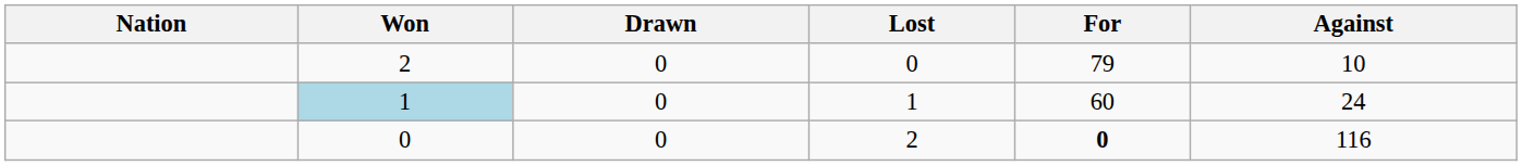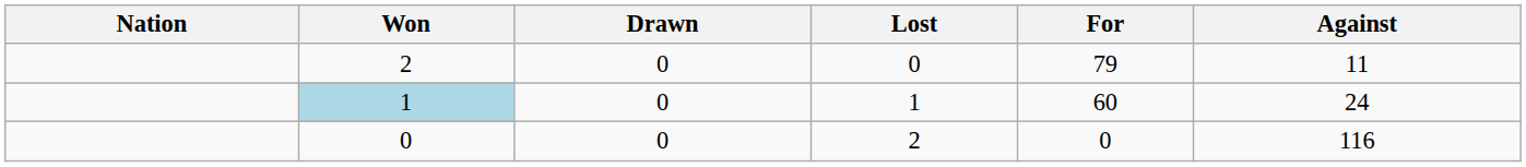 <table class="wikitable" style="width:50%;text-align:center">
 <tr>
 <th>Nation</th>
 <th>Won</th>
 <th>Drawn</th>
 <th>Lost</th>
 <th>For</th>
 <th>Against</th>
 </tr>
 <tr>
 <td align=left></td>
 <td>2</td>
 <td>0</td>
 <td>0</td>
 <td>79</td>
-<td>10</td>
+<td>11</td>
 </tr>
 <tr>
 <td align=left></td>
 <td style="background: lightblue;">1</td>
 <td>0</td>
 <td>1</td>
 <td>60</td>
 <td>24</td>
 </tr>
 <tr>
 <td align=left></td>
 <td>0</td>
 <td>0</td>
 <td>2</td>
-<td><strong>0</strong></td>
+<td>0</td>
 <td>116</td>
 </tr>
 </table>
